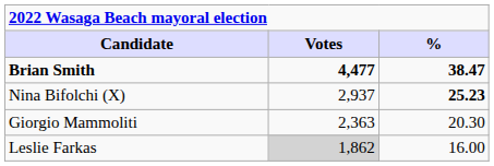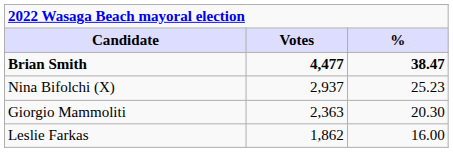 <table class="wikitable">
 <tr>
 <td colspan="3"><strong><a href='#'>2022 Wasaga Beach mayoral election</a></strong></td>
 </tr>
 <tr>
 <th style="background:#ddf; width:250px;">Candidate</th>
 <th style="background:#ddf; width:100px;">Votes</th>
 <th style="background:#ddf; width:100px;">%</th>
 </tr>
 <tr>
 <td><strong>Brian Smith</strong></td>
 <td align="right"><strong>4,477</strong></td>
 <td align="right"><strong>38.47</strong></td>
 </tr>
 <tr>
 <td>Nina Bifolchi (X)</td>
 <td align="right">2,937</td>
-<td align="right"><strong>25.23</strong></td>
+<td align="right">25.23</td>
 </tr>
 <tr>
 <td>Giorgio Mammoliti</td>
 <td align="right">2,363</td>
 <td align="right">20.30</td>
 </tr>
 <tr>
 <td>Leslie Farkas</td>
-<td align="right" style="background: lightgrey;">1,862</td>
+<td align="right">1,862</td>
 <td align="right">16.00</td>
 </tr>
 </table>
